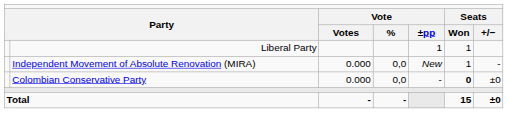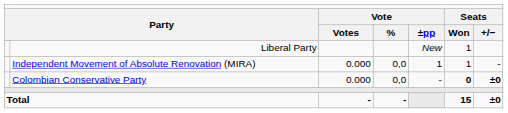 <table class="wikitable" style="text-align:right; font-size:100%; margin-bottom:0">
 <tr>
 <td colspan="7"></td>
 </tr>
 <tr>
 <th align="left" rowspan="2" colspan="2" width="500">Party</th>
 <th colspan="3">Vote</th>
 <th colspan="2">Seats</th>
 </tr>
 <tr>
 <th width="80">Votes</th>
 <th width="50">%</th>
 <th width="50">±<a href='#'>pp</a></th>
 <th width="40">Won</th>
 <th width="40">+/−</th>
 </tr>
 <tr>
 <td style="color:inherit;background:"></td>
 <td>Liberal Party</td>
 <td></td>
 <td></td>
-<td>1</td>
+<td><em>New</em></td>
 <td>1</td>
 </tr>
 <tr>
 <td style="color:inherit;background:"></td>
 <td align="left"><a href='#'>Independent Movement of Absolute Renovation</a> (MIRA)</td>
 <td>0.000</td>
 <td>0,0</td>
-<td><em>New</em></td>
+<td>1</td>
 <td>1</td>
 <td>-</td>
 </tr>
 <tr>
 <td style="color:inherit;background:"></td>
 <td align="left"><a href='#'>Colombian Conservative Party</a></td>
 <td>0.000</td>
 <td>0,0</td>
 <td>-</td>
 <td><strong>0</strong></td>
-<td>±0</td>
+<td><strong>±0</strong></td>
 </tr>
 <tr>
 <td colspan="7" bgcolor="#E9E9E9"></td>
 </tr>
 <tr style="font-weight:bold;">
 <td align="left" colspan="2">Total</td>
 <td>-</td>
 <td>-</td>
 <td bgcolor="#E9E9E9"></td>
 <td width=40>15</td>
 <td width=40>±0</td>
 </tr>
 </table>
